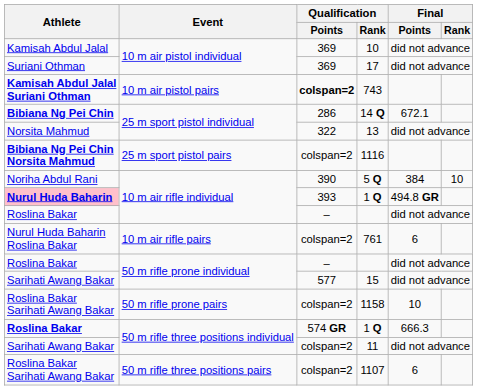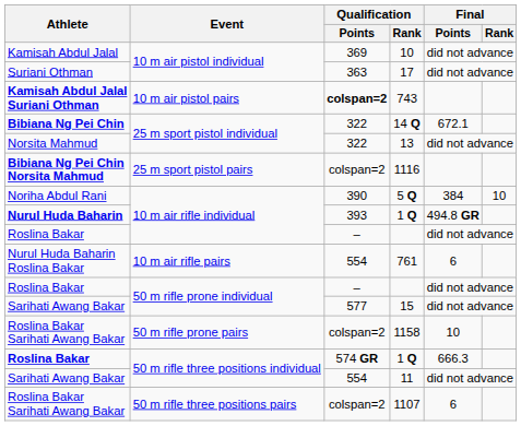 <table class="wikitable" style="font-size:90%;">
 <tr>
 <th rowspan=2>Athlete</th>
 <th rowspan=2>Event</th>
 <th colspan=2>Qualification</th>
 <th colspan=2>Final</th>
 </tr>
 <tr style="font-size:95%">
 <th>Points</th>
 <th>Rank</th>
 <th>Points</th>
 <th>Rank</th>
 </tr>
 <tr align=center>
 <td align=left><a href='#'>Kamisah Abdul Jalal</a></td>
 <td align=left rowspan=2><a href='#'>10 m air pistol individual</a></td>
 <td>369</td>
 <td>10</td>
 <td colspan=2>did not advance</td>
 </tr>
 <tr align=center>
 <td align=left><a href='#'>Suriani Othman</a></td>
-<td>369</td>
+<td>363</td>
 <td>17</td>
 <td colspan=2>did not advance</td>
 </tr>
 <tr align=center>
 <td align=left><strong><a href='#'>Kamisah Abdul Jalal</a><br><a href='#'>Suriani Othman</a></strong></td>
 <td align=left><a href='#'>10 m air pistol pairs</a></td>
 <td><strong>colspan=2 </strong></td>
 <td>743</td>
 <td></td>
 </tr>
 <tr align=center>
 <td align=left><strong><a href='#'>Bibiana Ng Pei Chin</a></strong></td>
 <td align=left rowspan=2><a href='#'>25 m sport pistol individual</a></td>
-<td>286</td>
+<td>322</td>
 <td>14 <strong>Q</strong></td>
 <td>672.1</td>
 <td></td>
 </tr>
 <tr align=center>
 <td align=left><a href='#'>Norsita Mahmud</a></td>
 <td>322</td>
 <td>13</td>
 <td colspan=2>did not advance</td>
 </tr>
 <tr align=center>
 <td align=left><strong><a href='#'>Bibiana Ng Pei Chin</a><br><a href='#'>Norsita Mahmud</a></strong></td>
 <td align=left><a href='#'>25 m sport pistol pairs</a></td>
 <td>colspan=2 </td>
 <td>1116</td>
 <td></td>
 </tr>
 <tr align=center>
 <td align=left><a href='#'>Noriha Abdul Rani</a></td>
 <td align=left rowspan=3><a href='#'>10 m air rifle individual</a></td>
 <td>390</td>
 <td>5 <strong>Q</strong></td>
 <td>384</td>
 <td>10</td>
 </tr>
 <tr align=center>
-<td align=left style="background: pink;"><strong><a href='#'>Nurul Huda Baharin</a></strong></td>
+<td align=left><strong><a href='#'>Nurul Huda Baharin</a></strong></td>
 <td>393</td>
 <td>1 <strong>Q</strong></td>
 <td>494.8 <strong>GR</strong></td>
 <td></td>
 </tr>
 <tr align=center>
 <td align=left><a href='#'>Roslina Bakar</a></td>
 <td>–</td>
 <td></td>
 <td colspan=2>did not advance</td>
 </tr>
 <tr align=center>
 <td align=left><a href='#'>Nurul Huda Baharin</a><br><a href='#'>Roslina Bakar</a></td>
 <td align=left><a href='#'>10 m air rifle pairs</a></td>
-<td>colspan=2 </td>
+<td>554</td>
 <td>761</td>
 <td>6</td>
 </tr>
 <tr align=center>
 <td align=left><a href='#'>Roslina Bakar</a></td>
 <td align=left rowspan=2><a href='#'>50 m rifle prone individual</a></td>
 <td>–</td>
 <td></td>
 <td colspan=2>did not advance</td>
 </tr>
 <tr align=center>
 <td align=left><a href='#'>Sarihati Awang Bakar</a></td>
 <td>577</td>
 <td>15</td>
 <td colspan=2>did not advance</td>
 </tr>
 <tr align=center>
 <td align=left><a href='#'>Roslina Bakar</a><br><a href='#'>Sarihati Awang Bakar</a></td>
 <td align=left><a href='#'>50 m rifle prone pairs</a></td>
 <td>colspan=2 </td>
 <td>1158</td>
 <td>10</td>
 </tr>
 <tr align=center>
 <td align=left><strong><a href='#'>Roslina Bakar</a></strong></td>
 <td align=left rowspan=2><a href='#'>50 m rifle three positions individual</a></td>
 <td>574 <strong>GR</strong></td>
 <td>1 <strong>Q</strong></td>
 <td>666.3</td>
 <td></td>
 </tr>
 <tr align=center>
 <td align=left><a href='#'>Sarihati Awang Bakar</a></td>
-<td>colspan=2 </td>
+<td>554</td>
 <td>11</td>
 <td colspan=2>did not advance</td>
 </tr>
 <tr align=center>
 <td align=left><a href='#'>Roslina Bakar</a><br><a href='#'>Sarihati Awang Bakar</a></td>
 <td align=left><a href='#'>50 m rifle three positions pairs</a></td>
 <td>colspan=2 </td>
 <td>1107</td>
 <td>6</td>
 </tr>
 </table>
